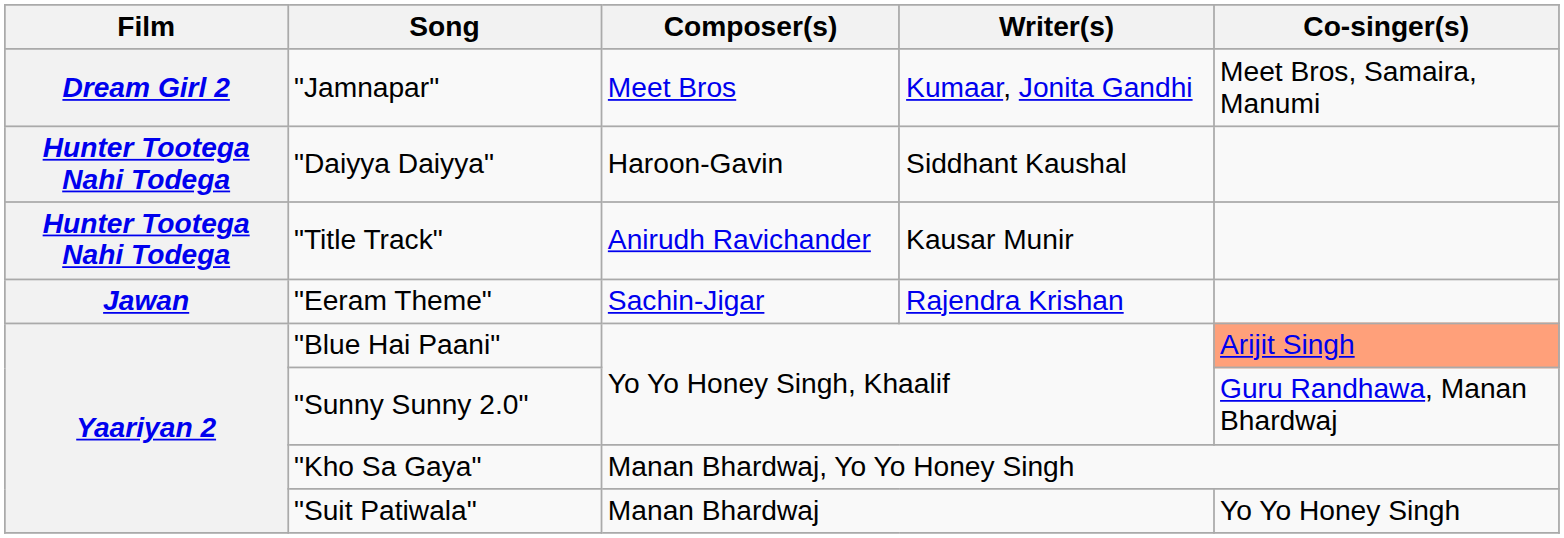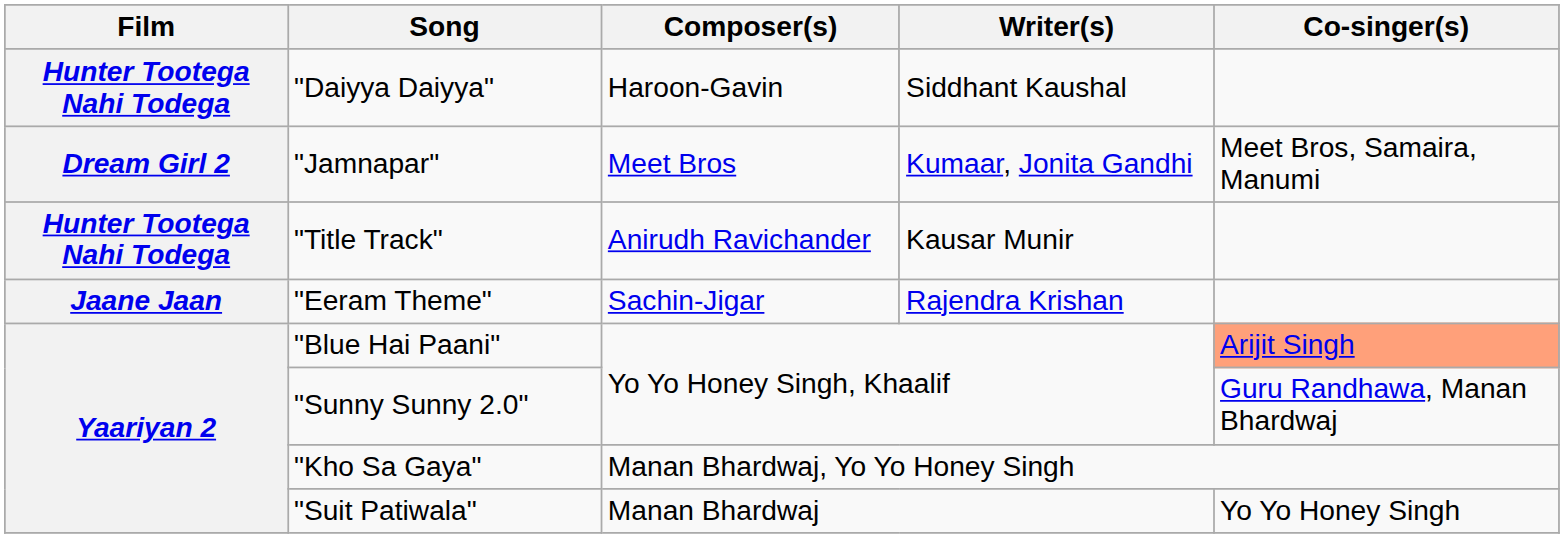 <table class="wikitable plainrowheaders" width="100%">
 <tr>
 <th width=18%>Film</th>
 <th width=20%>Song</th>
 <th width=19%>Composer(s)</th>
 <th width=20%>Writer(s)</th>
 <th width=22%>Co-singer(s)</th>
+</tr>
+<tr>
+<th><em><a href='#'>Hunter Tootega Nahi Todega</a></em></th>
+<td>"Daiyya Daiyya"</td>
+<td>Haroon-Gavin</td>
+<td>Siddhant Kaushal</td>
+<td></td>
 </tr>
 <tr>
 <th><em><a href='#'>Dream Girl 2</a></em></th>
 <td>"Jamnapar"</td>
 <td><a href='#'>Meet Bros</a></td>
 <td><a href='#'>Kumaar</a>, <a href='#'>Jonita Gandhi</a></td>
 <td>Meet Bros, Samaira, Manumi</td>
 </tr>
 <tr>
 <th><em><a href='#'>Hunter Tootega Nahi Todega</a></em></th>
-<td>"Daiyya Daiyya"</td>
-<td>Haroon-Gavin</td>
-<td>Siddhant Kaushal</td>
-<td></td>
-</tr>
-<tr>
-<th><em><a href='#'>Hunter Tootega Nahi Todega</a></em></th>
 <td>"Title Track"</td>
 <td><a href='#'>Anirudh Ravichander</a></td>
 <td>Kausar Munir</td>
 <td></td>
 </tr>
 <tr>
-<th><a href='#'><em>Jawan</em></a></th>
+<th><em><a href='#'>Jaane Jaan</a></em></th>
 <td>"Eeram Theme"</td>
 <td><a href='#'>Sachin-Jigar</a></td>
 <td><a href='#'>Rajendra Krishan</a></td>
 <td></td>
 </tr>
 <tr>
 <th rowspan="4"><em><a href='#'>Yaariyan 2</a></em></th>
 <td>"Blue Hai Paani"</td>
 <td colspan="2" rowspan="2">Yo Yo Honey Singh, Khaalif</td>
 <td style="background: lightsalmon;"><a href='#'>Arijit Singh</a></td>
 </tr>
 <tr>
 <td>"Sunny Sunny 2.0"</td>
 <td><a href='#'>Guru Randhawa</a>, Manan Bhardwaj</td>
 </tr>
 <tr>
 <td>"Kho Sa Gaya"</td>
 <td colspan="3">Manan Bhardwaj, Yo Yo Honey Singh</td>
 </tr>
 <tr>
 <td>"Suit Patiwala"</td>
 <td colspan="2">Manan Bhardwaj</td>
 <td>Yo Yo Honey Singh</td>
 </tr>
 </table>
